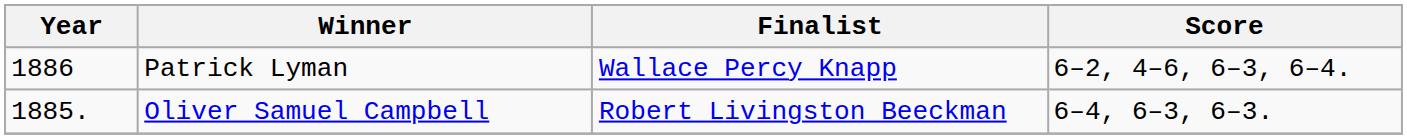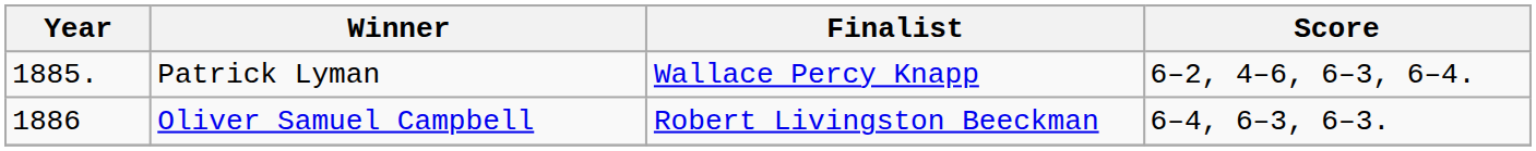 <table class="wikitable">
 <tr>
 <th style="width:60px;">Year</th>
 <th style="width:220px;">Winner</th>
 <th style="width:220px;">Finalist</th>
 <th style="width:170px;">Score</th>
 </tr>
 <tr>
-<td>1886</td>
+<td>1885.</td>
 <td> Patrick Lyman</td>
 <td> <a href='#'>Wallace Percy Knapp</a></td>
 <td>6–2, 4–6, 6–3, 6–4.</td>
 </tr>
 <tr>
-<td>1885.</td>
+<td>1886</td>
 <td> <a href='#'>Oliver Samuel Campbell</a></td>
 <td> <a href='#'>Robert Livingston Beeckman</a></td>
 <td>6–4, 6–3, 6–3.</td>
 </tr>
 <tr>
 </tr>
 </table>
